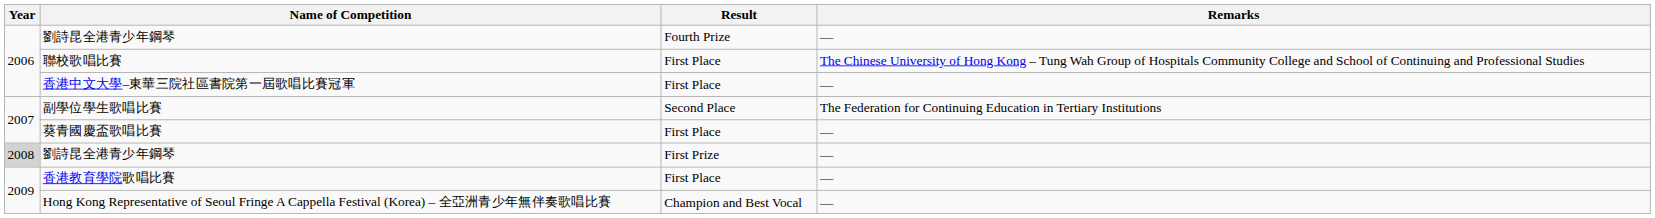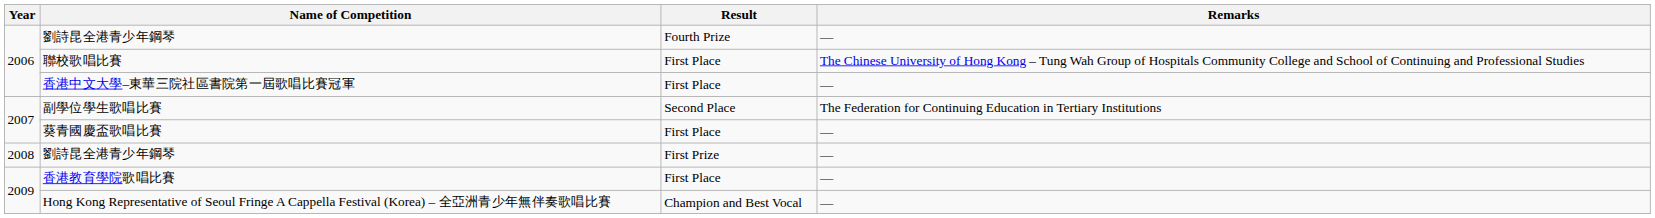 <table class="wikitable" style="width: 100%">
 <tr>
 <th>Year</th>
 <th>Name of Competition</th>
 <th>Result</th>
 <th>Remarks</th>
 </tr>
 <tr>
 <td rowspan=3>2006</td>
 <td>劉詩昆全港青少年鋼琴</td>
 <td>Fourth Prize</td>
 <td>—</td>
 </tr>
 <tr>
 <td>聯校歌唱比賽</td>
 <td>First Place</td>
 <td><a href='#'>The Chinese University of Hong Kong</a> – Tung Wah Group of Hospitals Community College and School of Continuing and Professional Studies</td>
 </tr>
 <tr>
 <td><a href='#'>香港中文大學</a>–東華三院社區書院第一屆歌唱比賽冠軍</td>
 <td>First Place</td>
 <td>—</td>
 </tr>
 <tr>
 <td rowspan=2>2007</td>
 <td>副學位學生歌唱比賽</td>
 <td>Second Place</td>
 <td>The Federation for Continuing Education in Tertiary Institutions</td>
 </tr>
 <tr>
 <td>葵青國慶盃歌唱比賽</td>
 <td>First Place</td>
 <td>—</td>
 </tr>
 <tr>
-<td style="background: lightgrey;">2008</td>
+<td>2008</td>
 <td>劉詩昆全港青少年鋼琴</td>
 <td>First Prize</td>
 <td>—</td>
 </tr>
 <tr>
 <td rowspan=2>2009</td>
 <td><a href='#'>香港教育學院</a>歌唱比賽</td>
 <td>First Place</td>
 <td>—</td>
 </tr>
 <tr>
 <td>Hong Kong Representative of Seoul Fringe A Cappella Festival (Korea) – 全亞洲青少年無伴奏歌唱比賽</td>
 <td>Champion and Best Vocal</td>
 <td>—</td>
 </tr>
 </table>
